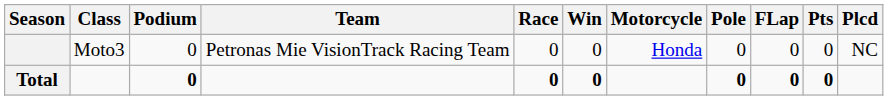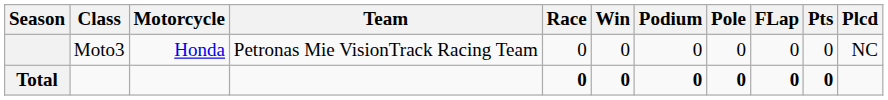 <table class="wikitable" style=text-align:right>
 <tr>
 <th>Season</th>
 <th>Class</th>
-<th>Podium</th>
+<th>Motorcycle</th>
 <th>Team</th>
 <th>Race</th>
 <th>Win</th>
-<th>Motorcycle</th>
+<th>Podium</th>
 <th>Pole</th>
 <th>FLap</th>
 <th>Pts</th>
 <th>Plcd</th>
 </tr>
 <tr>
 <th></th>
 <td>Moto3</td>
-<td>0</td>
+<td><a href='#'>Honda</a></td>
 <td>Petronas Mie VisionTrack Racing Team</td>
 <td>0</td>
 <td>0</td>
-<td><a href='#'>Honda</a></td>
+<td>0</td>
 <td>0</td>
 <td>0</td>
 <td>0</td>
 <td>NC</td>
 </tr>
 <tr>
 <th>Total</th>
 <td></td>
-<td><strong>0</strong></td>
+<td></td>
 <td></td>
 <td><strong>0</strong></td>
 <td><strong>0</strong></td>
-<td></td>
+<td><strong>0</strong></td>
 <td><strong>0</strong></td>
 <td><strong>0</strong></td>
 <td><strong>0</strong></td>
 <td></td>
 </tr>
 </table>
